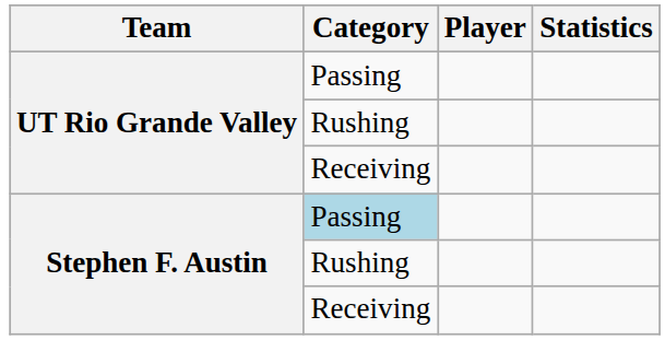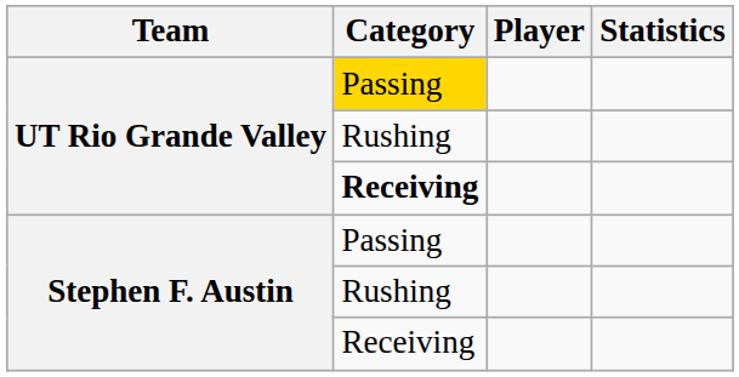 <table class="wikitable" style="float:right">
 <tr>
 <th>Team</th>
 <th>Category</th>
 <th>Player</th>
 <th>Statistics</th>
 </tr>
 <tr>
 <th rowspan=3>UT Rio Grande Valley</th>
+<td style="background: gold;">Passing</td>
+<td></td>
+<td></td>
+</tr>
+<tr>
+<td>Rushing</td>
+<td></td>
+<td></td>
+</tr>
+<tr>
+<td><strong>Receiving</strong></td>
+<td></td>
+<td></td>
+</tr>
+<tr>
+<th rowspan=3>Stephen F. Austin</th>
 <td>Passing</td>
 <td></td>
 <td></td>
 </tr>
 <tr>
 <td>Rushing</td>
 <td></td>
 <td></td>
 </tr>
 <tr>
 <td>Receiving</td>
 <td></td>
 <td></td>
 </tr>
-<tr>
-<th rowspan=3>Stephen F. Austin</th>
-<td style="background: lightblue;">Passing</td>
-<td></td>
-<td></td>
-</tr>
-<tr>
-<td>Rushing</td>
-<td></td>
-<td></td>
-</tr>
-<tr>
-<td>Receiving</td>
-<td></td>
-<td></td>
-</tr>
 </table>
